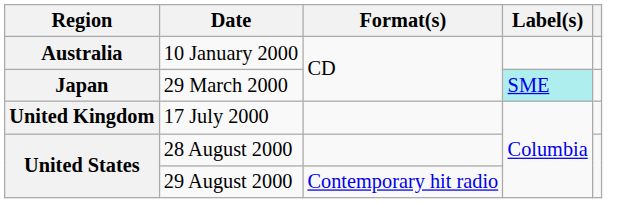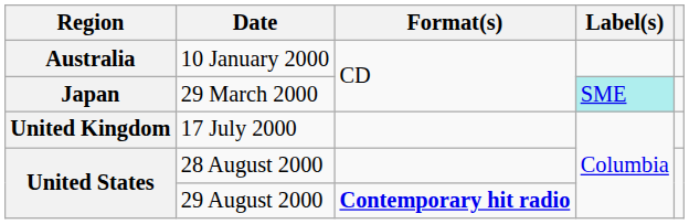 <table class="wikitable plainrowheaders">
 <tr>
 <th scope="col">Region</th>
 <th scope="col">Date</th>
 <th scope="col">Format(s)</th>
 <th scope="col">Label(s)</th>
 <th scope="col"></th>
 </tr>
 <tr>
 <th scope="row">Australia</th>
 <td>10 January 2000</td>
 <td rowspan="2">CD</td>
 <td></td>
 <td align="center"></td>
 </tr>
 <tr>
 <th scope="row">Japan</th>
 <td>29 March 2000</td>
 <td style="background: paleturquoise;"><a href='#'>SME</a></td>
 <td align="center"></td>
 </tr>
 <tr>
 <th scope="row">United Kingdom</th>
 <td>17 July 2000</td>
 <td></td>
 <td rowspan="3"><a href='#'>Columbia</a></td>
 <td align="center"></td>
 </tr>
 <tr>
 <th scope="row" rowspan="2">United States</th>
 <td>28 August 2000</td>
 <td></td>
 <td rowspan="2" align="center"></td>
 </tr>
 <tr>
 <td>29 August 2000</td>
-<td><a href='#'>Contemporary hit radio</a></td>
+<td><strong><a href='#'>Contemporary hit radio</a></strong></td>
 </tr>
 </table>
